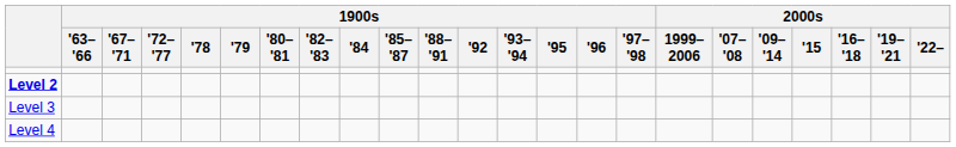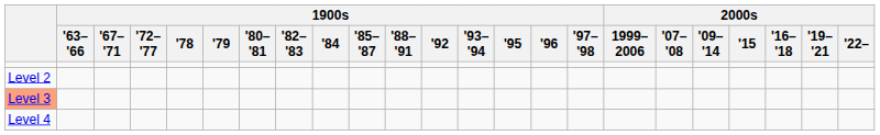 <table class="wikitable">
 <tr>
 <th style="width: 3.5em;" rowspan="2"></th>
 <th colspan="15">1900s</th>
 <th colspan="7">2000s</th>
 </tr>
 <tr>
 <th style="width: 2.3em;">'63–<br>'66 </th>
 <th style="width: 2.3em;">'67–<br>'71 </th>
 <th style="width: 2.3em;">'72–<br>'77 </th>
 <th style="width: 2.3em;">'78           </th>
 <th style="width: 2.3em;">'79           </th>
 <th style="width: 2.3em;">'80–<br>'81 </th>
 <th style="width: 2.3em;">'82–<br>'83 </th>
 <th style="width: 2.3em;">'84           </th>
 <th style="width: 2.3em;">'85–<br>'87 </th>
 <th style="width: 2.3em;">'88–<br>'91 </th>
 <th style="width: 2.3em;">'92           </th>
 <th style="width: 2.3em;">'93–<br>'94 </th>
 <th style="width: 2.3em;">'95           </th>
 <th style="width: 2.3em;">'96           </th>
 <th style="width: 2.3em;">'97–<br>'98 </th>
 <th style="width: 3.5em;">1999–<br>2006</th>
 <th style="width: 2.3em;">'07–<br>'08 </th>
 <th style="width: 2.3em;">'09–<br>'14 </th>
 <th style="width: 2.3em;">'15           </th>
 <th style="width: 2.3em;">'16–<br>'18 </th>
 <th style="width: 2.3em;">'19–<br>'21 </th>
 <th style="width: 2.3em;">'22–          </th>
 </tr>
 <tr>
 <td></td>
 <td></td>
 <td></td>
 <td></td>
 <td></td>
 <td></td>
 <td></td>
 <td></td>
 <td></td>
 <td></td>
 <td></td>
 <td></td>
 <td></td>
 <td></td>
 <td></td>
 <td></td>
 <td></td>
 <td></td>
 <td></td>
 <td></td>
 <td></td>
 <td></td>
 <td></td>
 </tr>
 <tr>
-<td><strong><a href='#'>Level 2</a></strong></td>
+<td><a href='#'>Level 2</a></td>
 <td></td>
 <td></td>
 <td></td>
 <td></td>
 <td></td>
 <td></td>
 <td></td>
 <td></td>
 <td></td>
 <td></td>
 <td></td>
 <td></td>
 <td></td>
 <td></td>
 <td></td>
 <td></td>
 <td></td>
 <td></td>
 <td></td>
 <td></td>
 <td></td>
 <td></td>
 </tr>
 <tr>
-<td><a href='#'>Level 3</a></td>
+<td style="background: lightsalmon;"><a href='#'>Level 3</a></td>
 <td></td>
 <td></td>
 <td></td>
 <td></td>
 <td></td>
 <td></td>
 <td></td>
 <td></td>
 <td></td>
 <td></td>
 <td></td>
 <td></td>
 <td></td>
 <td></td>
 <td></td>
 <td></td>
 <td></td>
 <td></td>
 <td></td>
 <td></td>
 <td></td>
 <td></td>
 </tr>
 <tr>
 <td><a href='#'>Level 4</a></td>
 <td></td>
 <td></td>
 <td></td>
 <td></td>
 <td></td>
 <td></td>
 <td></td>
 <td></td>
 <td></td>
 <td></td>
 <td></td>
 <td></td>
 <td></td>
 <td></td>
 <td></td>
 <td></td>
 <td></td>
 <td></td>
 <td></td>
 <td></td>
 <td></td>
 <td></td>
 </tr>
 </table>
